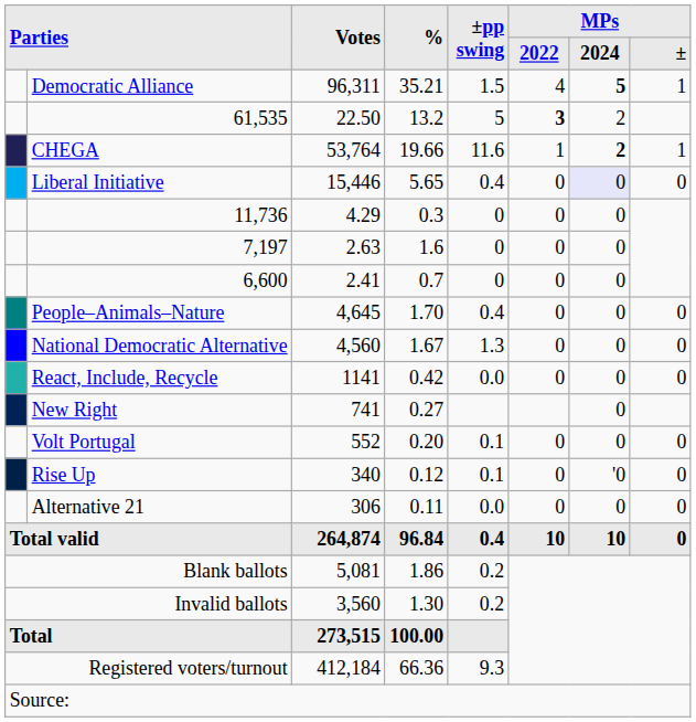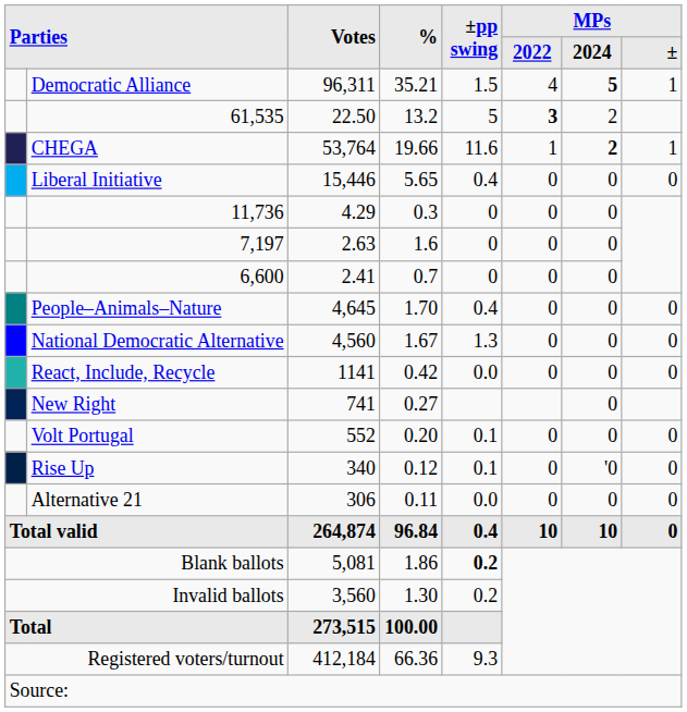 <table class="wikitable" style="text-align:right; font-size:95%;">
 <tr>
 <th rowspan="2" colspan="2" style="background:#e9e9e9; text-align:left;" alignleft><a href='#'>Parties</a></th>
 <th rowspan="2" style="background:#e9e9e9; text-align:right;">Votes</th>
 <th rowspan="2" style="background:#e9e9e9; text-align:right;">%</th>
 <th rowspan="2" style="background:#e9e9e9; text-align:right;">±<a href='#'>pp</a> <a href='#'>swing</a></th>
 <th colspan="3" style="background:#e9e9e9; text-align:center;"><a href='#'>MPs</a></th>
 </tr>
 <tr style="background-color:#E9E9E9">
 <th style="background-color:#E9E9E9;text-align:center;"><a href='#'>2022</a></th>
 <th style="background-color:#E9E9E9;text-align:center;">2024</th>
 <th style="background:#e9e9e9; text-align:right;">±</th>
 </tr>
 <tr>
 <td style="width: 10px"></td>
 <td align="left"><a href='#'>Democratic Alliance</a> </td>
 <td>96,311</td>
 <td>35.21</td>
 <td>1.5</td>
 <td>4</td>
 <td><strong>5</strong></td>
 <td>1</td>
 </tr>
 <tr>
 <td></td>
 <td>61,535</td>
 <td>22.50</td>
 <td>13.2</td>
 <td>5</td>
 <td><strong>3</strong></td>
 <td>2</td>
 </tr>
 <tr>
 <td style="width: 10px" bgcolor="#202056" align="center"></td>
 <td align="left"><a href='#'>CHEGA</a></td>
 <td>53,764</td>
 <td>19.66</td>
 <td>11.6</td>
 <td>1</td>
 <td><strong>2</strong></td>
 <td>1</td>
 </tr>
 <tr>
 <td style="width: 10px" bgcolor="#00ADEF" align="center"></td>
 <td align="left"><a href='#'>Liberal Initiative</a></td>
 <td>15,446</td>
 <td>5.65</td>
 <td>0.4</td>
 <td>0</td>
-<td style="background: lavender;">0</td>
+<td>0</td>
 <td>0</td>
 </tr>
 <tr>
 <td></td>
 <td>11,736</td>
 <td>4.29</td>
 <td>0.3</td>
 <td>0</td>
 <td>0</td>
 <td>0</td>
 </tr>
 <tr>
 <td></td>
 <td>7,197</td>
 <td>2.63</td>
 <td>1.6</td>
 <td>0</td>
 <td>0</td>
 <td>0</td>
 </tr>
 <tr>
 <td></td>
 <td>6,600</td>
 <td>2.41</td>
 <td>0.7</td>
 <td>0</td>
 <td>0</td>
 <td>0</td>
 </tr>
 <tr>
 <td style="width: 10px" bgcolor="teal" align="center"></td>
 <td align="left"><a href='#'>People–Animals–Nature</a></td>
 <td>4,645</td>
 <td>1.70</td>
 <td>0.4</td>
 <td>0</td>
 <td>0</td>
 <td>0</td>
 </tr>
 <tr>
 <td style="width: 10px" bgcolor="blue" align="center"></td>
 <td align="left"><a href='#'>National Democratic Alternative</a></td>
 <td>4,560</td>
 <td>1.67</td>
 <td>1.3</td>
 <td>0</td>
 <td>0</td>
 <td>0</td>
 </tr>
 <tr>
 <td style="width: 10px" bgcolor="LightSeaGreen" align="center"></td>
 <td align="left"><a href='#'>React, Include, Recycle</a></td>
 <td>1141</td>
 <td>0.42</td>
 <td>0.0</td>
 <td>0</td>
 <td>0</td>
 <td>0</td>
 </tr>
 <tr>
 <td style="width: 10px" bgcolor="#012257" align="center"></td>
 <td align="left"><a href='#'>New Right</a></td>
 <td>741</td>
 <td>0.27</td>
 <td></td>
 <td></td>
 <td>0</td>
 <td></td>
 </tr>
 <tr>
 <td style="width: 10px"></td>
 <td align="left"><a href='#'>Volt Portugal</a></td>
 <td>552</td>
 <td>0.20</td>
 <td>0.1</td>
 <td>0</td>
 <td>0</td>
 <td>0</td>
 </tr>
 <tr>
 <td style="width: 10px" bgcolor="#002147" align="center"></td>
 <td align="left"><a href='#'>Rise Up</a></td>
 <td>340</td>
 <td>0.12</td>
 <td>0.1</td>
 <td>0</td>
 <td>'0</td>
 <td>0</td>
 </tr>
 <tr>
 <td style="width: 10px"></td>
 <td align="left">Alternative 21 </td>
 <td>306</td>
 <td>0.11</td>
 <td>0.0</td>
 <td>0</td>
 <td>0</td>
 <td>0</td>
 </tr>
 <tr>
 <td colspan=2 align=left style="background-color:#E9E9E9"><strong>Total valid</strong></td>
 <td width="65" align="right" style="background-color:#E9E9E9"><strong>264,874</strong></td>
 <td width="40" align="right" style="background-color:#E9E9E9"><strong>96.84</strong></td>
 <td width="40" align="right" style="background-color:#E9E9E9"><strong>0.4</strong></td>
 <td width="40" align="right" style="background-color:#E9E9E9"><strong>10</strong></td>
 <td width="40" align="right" style="background-color:#E9E9E9"><strong>10</strong></td>
 <td width="40" align="right" style="background-color:#E9E9E9"><strong>0</strong></td>
 </tr>
 <tr>
 <td colspan=2>Blank ballots</td>
 <td>5,081</td>
 <td>1.86</td>
-<td>0.2</td>
+<td><strong>0.2</strong></td>
 <td colspan="3" rowspan="4"></td>
 </tr>
 <tr>
 <td colspan=2>Invalid ballots</td>
 <td>3,560</td>
 <td>1.30</td>
 <td>0.2</td>
 </tr>
 <tr>
 <td colspan=2 align=left style="background-color:#E9E9E9"><strong>Total</strong></td>
 <td width="50" align="right" style="background-color:#E9E9E9"><strong>273,515</strong></td>
 <td width="40" align="right" style="background-color:#E9E9E9"><strong>100.00</strong></td>
 <td width="40" align="right" style="background-color:#E9E9E9"></td>
 </tr>
 <tr>
 <td colspan=2>Registered voters/turnout</td>
 <td>412,184</td>
 <td>66.36</td>
 <td>9.3</td>
 </tr>
 <tr>
 <td colspan=8 align=left>Source: </td>
 </tr>
 </table>
